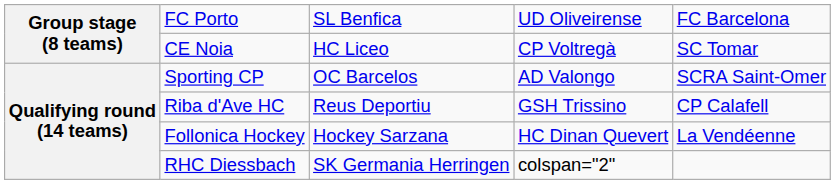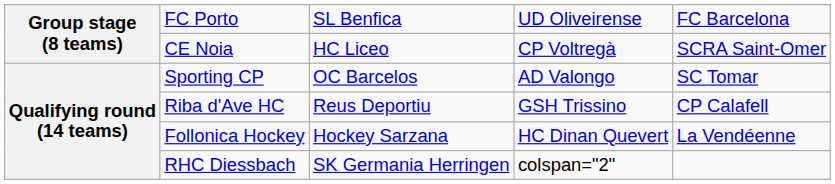 <table class="wikitable">
 <tr>
 <th rowspan="2">Group stage<br>(8 teams)</th>
 <td> <a href='#'>FC Porto</a></td>
 <td> <a href='#'>SL Benfica</a></td>
 <td> <a href='#'>UD Oliveirense</a></td>
 <td> <a href='#'>FC Barcelona</a></td>
 </tr>
 <tr>
 <td> <a href='#'>CE Noia</a></td>
 <td> <a href='#'>HC Liceo</a></td>
 <td> <a href='#'>CP Voltregà</a></td>
-<td> <a href='#'>SC Tomar</a></td>
+<td> <a href='#'>SCRA Saint-Omer</a></td>
 </tr>
 <tr>
 <th rowspan="4">Qualifying round<br>(14 teams)</th>
 <td> <a href='#'>Sporting CP</a></td>
 <td> <a href='#'>OC Barcelos</a></td>
 <td> <a href='#'>AD Valongo</a></td>
-<td> <a href='#'>SCRA Saint-Omer</a></td>
+<td> <a href='#'>SC Tomar</a></td>
 </tr>
 <tr>
 <td> <a href='#'>Riba d'Ave HC</a></td>
 <td> <a href='#'>Reus Deportiu</a></td>
 <td> <a href='#'>GSH Trissino</a></td>
 <td> <a href='#'>CP Calafell</a></td>
 </tr>
 <tr>
 <td> <a href='#'>Follonica Hockey</a></td>
 <td> <a href='#'>Hockey Sarzana</a></td>
 <td> <a href='#'>HC Dinan Quevert</a></td>
 <td> <a href='#'>La Vendéenne</a></td>
 </tr>
 <tr>
 <td> <a href='#'>RHC Diessbach</a></td>
 <td> <a href='#'>SK Germania Herringen</a></td>
 <td>colspan="2" </td>
 </tr>
 </table>
